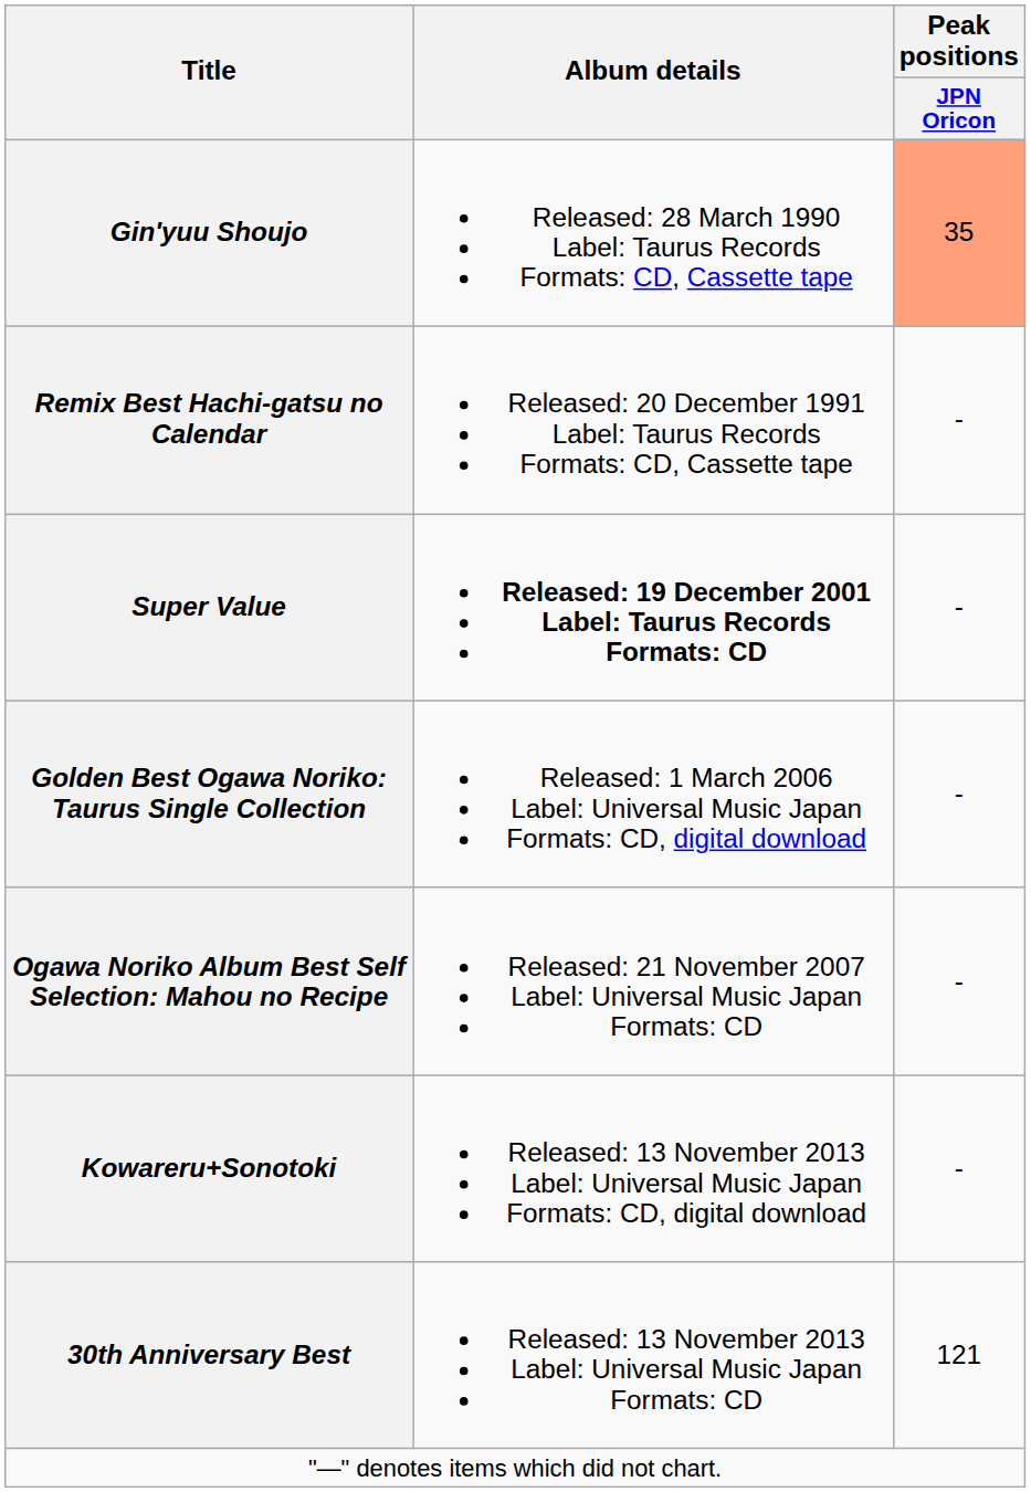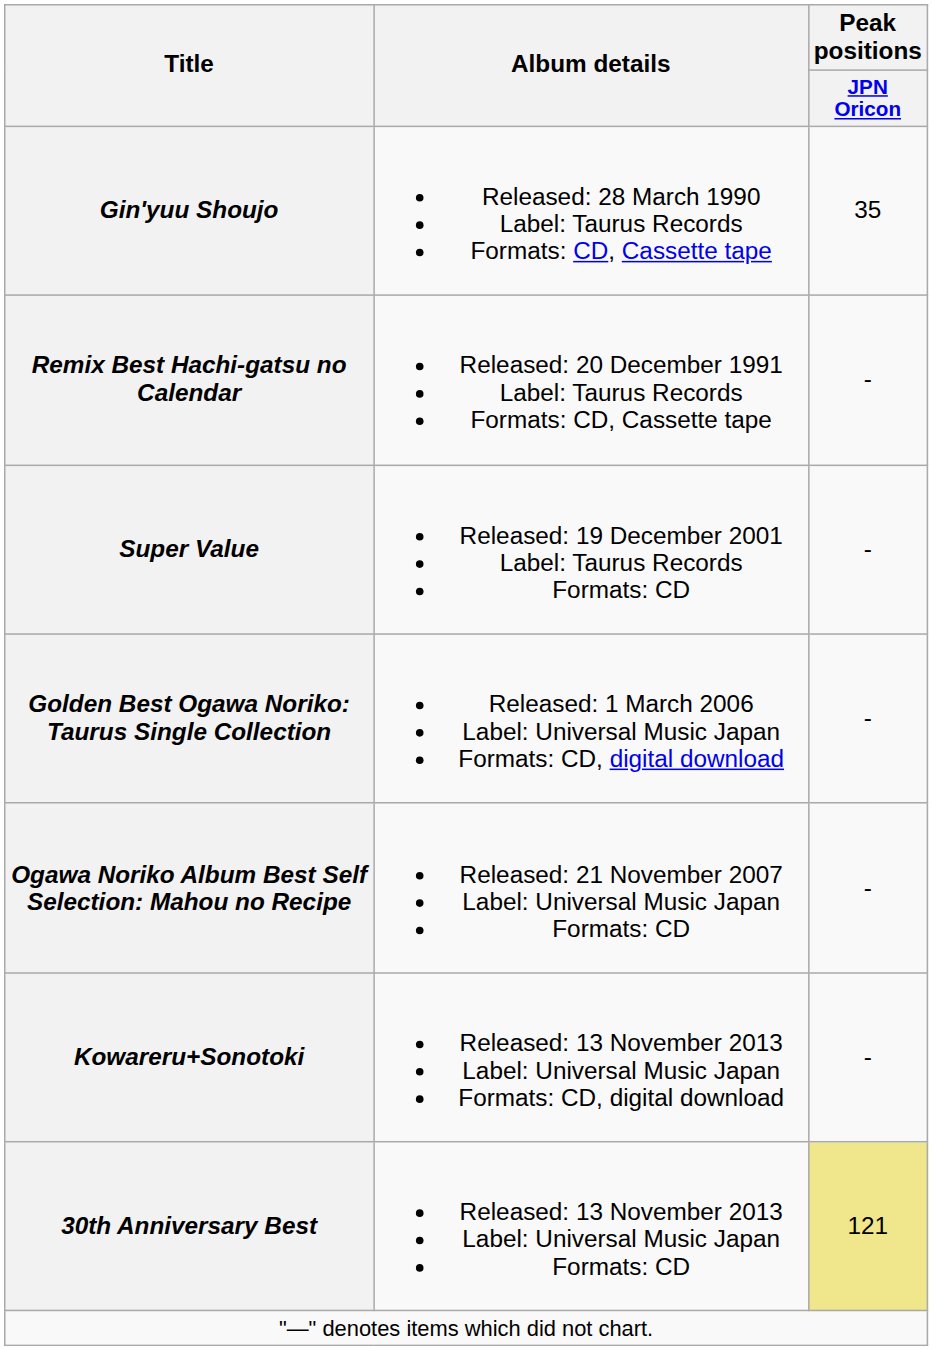 <table class="wikitable plainrowheaders" style="text-align:center;">
 <tr>
 <th style="width:15em;" rowspan="2">Title</th>
 <th style="width:18em;" rowspan="2">Album details</th>
 <th colspan="1">Peak positions</th>
 </tr>
 <tr>
 <th style="width:3em;font-size:85%"><a href='#'>JPN<br>Oricon</a><br></th>
 </tr>
 <tr>
 <th scope="row"><em>Gin'yuu Shoujo</em></th>
 <td><br><ul><li>Released: 28 March 1990</li><li>Label: Taurus Records</li><li>Formats: <a href='#'>CD</a>, <a href='#'>Cassette tape</a></li></ul></td>
-<td style="background: lightsalmon;">35</td>
+<td>35</td>
 </tr>
 <tr>
 <th scope="row"><em>Remix Best Hachi-gatsu no Calendar</em></th>
 <td><br><ul><li>Released: 20 December 1991</li><li>Label: Taurus Records</li><li>Formats: CD, Cassette tape</li></ul></td>
 <td>-</td>
 </tr>
 <tr>
 <th scope="row"><em>Super Value</em></th>
-<td><strong><br><ul><li>Released: 19 December 2001</li><li>Label: Taurus Records</li><li>Formats: CD</li></ul></strong></td>
+<td><br><ul><li>Released: 19 December 2001</li><li>Label: Taurus Records</li><li>Formats: CD</li></ul></td>
 <td>-</td>
 </tr>
 <tr>
 <th scope="row"><em>Golden Best Ogawa Noriko: Taurus Single Collection</em></th>
 <td><br><ul><li>Released: 1 March 2006</li><li>Label: Universal Music Japan</li><li>Formats: CD, <a href='#'>digital download</a></li></ul></td>
 <td>-</td>
 </tr>
 <tr>
 <th scope="row"><em>Ogawa Noriko Album Best Self Selection: Mahou no Recipe</em></th>
 <td><br><ul><li>Released: 21 November 2007</li><li>Label: Universal Music Japan</li><li>Formats: CD</li></ul></td>
 <td>-</td>
 </tr>
 <tr>
 <th scope="row"><em>Kowareru+Sonotoki</em></th>
 <td><br><ul><li>Released: 13 November 2013</li><li>Label: Universal Music Japan</li><li>Formats: CD, digital download</li></ul></td>
 <td>-</td>
 </tr>
 <tr>
 <th scope="row"><em>30th Anniversary Best</em></th>
 <td><br><ul><li>Released: 13 November 2013</li><li>Label: Universal Music Japan</li><li>Formats: CD</li></ul></td>
-<td>121</td>
+<td style="background: khaki;">121</td>
 </tr>
 <tr>
 <td colspan="11" align="center" style="font-size:90%;">"—" denotes items which did not chart.</td>
 </tr>
 </table>
